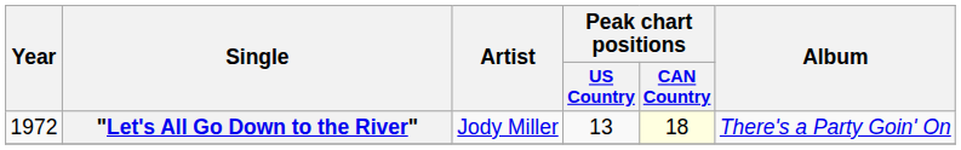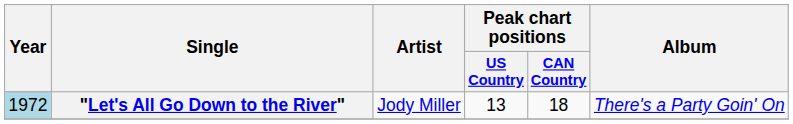 <table class="wikitable plainrowheaders" style="text-align:center;">
 <tr>
 <th rowspan="2">Year</th>
 <th rowspan="2" style="width:18em;">Single</th>
 <th rowspan="2">Artist</th>
 <th colspan="2">Peak chart<br>positions</th>
 <th rowspan="2">Album</th>
 </tr>
 <tr style="font-size:smaller;">
 <th style="width:45px;"><a href='#'>US Country</a></th>
 <th style="width:45px;"><a href='#'>CAN Country</a></th>
 </tr>
 <tr>
-<td>1972</td>
+<td style="background: lightblue;">1972</td>
 <th scope="row">"<a href='#'>Let's All Go Down to the River</a>"</th>
 <td><a href='#'>Jody Miller</a></td>
 <td>13</td>
-<td style="background: lightyellow;">18</td>
+<td>18</td>
 <td align="left"><em><a href='#'>There's a Party Goin' On</a></em></td>
 </tr>
 <tr>
 </tr>
 </table>
